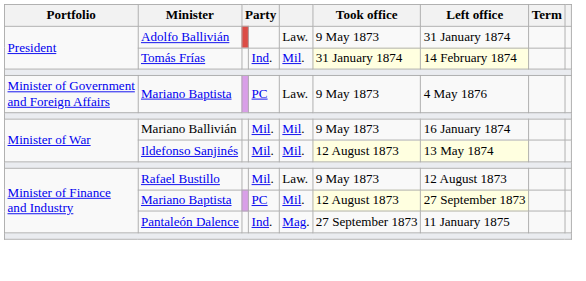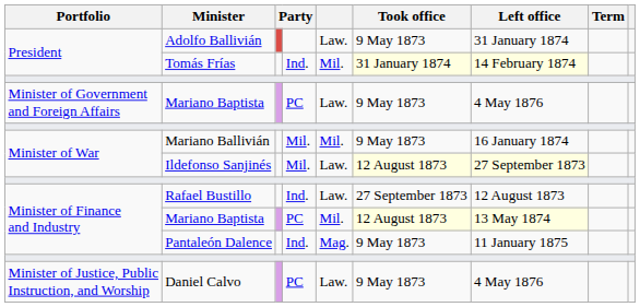 <table class="wikitable" style="font-size:90%;">
 <tr>
 <th>Portfolio</th>
 <th>Minister</th>
 <th colspan="2">Party</th>
 <th></th>
 <th>Took office</th>
 <th>Left office</th>
 <th>Term</th>
 <th></th>
 </tr>
 <tr>
 <td rowspan=2><a href='#'>President</a></td>
 <td><a href='#'>Adolfo Ballivián</a></td>
 <td style="background-color:#DC4C46;"></td>
 <td></td>
 <td>Law.</td>
 <td>9 May 1873</td>
 <td>31 January 1874</td>
 <td></td>
 <td></td>
 </tr>
 <tr>
 <td><a href='#'>Tomás Frías</a></td>
 <td style="background-color:"></td>
 <td><a href='#'>Ind</a>.</td>
 <td><a href='#'>Mil</a>.</td>
 <td style="background-color:#FFFFE0;">31 January 1874</td>
 <td style="background-color:#FFFFE0;">14 February 1874</td>
 <td></td>
 <td></td>
 </tr>
 <tr>
 <td colspan=9 bgcolor="#EAECF0"></td>
 </tr>
 <tr>
 <td><a href='#'>Minister of Government<br>and Foreign Affairs</a></td>
 <td><a href='#'>Mariano Baptista</a></td>
 <td style="background-color:#D99FE8;"></td>
 <td><a href='#'>PC</a></td>
 <td>Law.</td>
 <td>9 May 1873</td>
 <td>4 May 1876</td>
 <td></td>
 <td></td>
 </tr>
 <tr>
 <td colspan=9 bgcolor="#EAECF0"></td>
 </tr>
 <tr>
 <td rowspan=2><a href='#'>Minister of War</a></td>
 <td>Mariano Ballivián</td>
 <td style="background-color:"></td>
 <td><a href='#'>Mil</a>.</td>
 <td><a href='#'>Mil</a>.</td>
 <td>9 May 1873</td>
 <td>16 January 1874</td>
 <td></td>
 <td></td>
 </tr>
 <tr>
 <td><a href='#'>Ildefonso Sanjinés</a></td>
 <td style="background-color:"></td>
 <td><a href='#'>Mil</a>.</td>
-<td><a href='#'>Mil</a>.</td>
+<td>Law.</td>
 <td style="background-color:#FFFFE0;">12 August 1873</td>
-<td style="background-color:#FFFFE0;">13 May 1874</td>
+<td style="background-color:#FFFFE0;">27 September 1873</td>
 <td></td>
 <td></td>
 </tr>
 <tr>
 <td colspan=9 bgcolor="#EAECF0"></td>
 </tr>
 <tr>
 <td rowspan=3><a href='#'>Minister of Finance<br>and Industry</a></td>
 <td><a href='#'>Rafael Bustillo</a></td>
 <td style="background-color:"></td>
-<td><a href='#'>Mil</a>.</td>
+<td><a href='#'>Ind</a>.</td>
 <td>Law.</td>
-<td>9 May 1873</td>
+<td>27 September 1873</td>
 <td>12 August 1873</td>
 <td></td>
 <td></td>
 </tr>
 <tr>
 <td><a href='#'>Mariano Baptista</a></td>
 <td style="background-color:#D99FE8;"></td>
 <td><a href='#'>PC</a></td>
 <td><a href='#'>Mil</a>.</td>
 <td style="background-color:#FFFFE0;">12 August 1873</td>
-<td style="background-color:#FFFFE0;">27 September 1873</td>
+<td style="background-color:#FFFFE0;">13 May 1874</td>
 <td></td>
 <td></td>
 </tr>
 <tr>
 <td><a href='#'>Pantaleón Dalence</a></td>
 <td style="background-color:"></td>
 <td><a href='#'>Ind</a>.</td>
 <td><a href='#'>Mag</a>.</td>
-<td>27 September 1873</td>
+<td>9 May 1873</td>
 <td>11 January 1875</td>
 <td></td>
 <td></td>
 </tr>
 <tr>
 <td colspan=9 bgcolor="#EAECF0"></td>
 </tr>
+<tr>
+<td><a href='#'>Minister of Justice, Public<br>Instruction, and Worship</a></td>
+<td>Daniel Calvo</td>
+<td style="background-color:#D99FE8;"></td>
+<td><a href='#'>PC</a></td>
+<td>Law.</td>
+<td>9 May 1873</td>
+<td>4 May 1876</td>
+<td></td>
+<td></td>
+</tr>
 </table>
